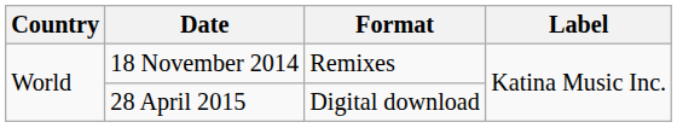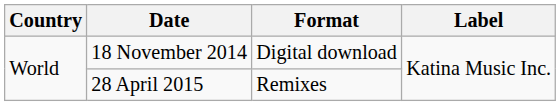 <table class="wikitable">
 <tr>
 <th>Country</th>
 <th>Date</th>
 <th>Format</th>
 <th>Label</th>
 </tr>
 <tr>
 <td rowspan="2">World</td>
 <td>18 November 2014</td>
-<td>Remixes</td>
+<td>Digital download</td>
 <td rowspan="2">Katina Music Inc.</td>
 </tr>
 <tr>
 <td>28 April 2015</td>
-<td>Digital download</td>
+<td>Remixes</td>
 </tr>
 </table>
